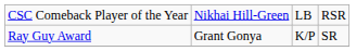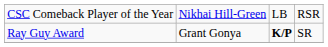 <table class="wikitable">
 <tr>
 <td><a href='#'>CSC</a> Comeback Player of the Year</td>
 <td><a href='#'>Nikhai Hill-Green</a></td>
 <td>LB</td>
 <td>RSR</td>
 </tr>
 <tr>
 <td><a href='#'>Ray Guy Award</a></td>
 <td>Grant Gonya</td>
-<td>K/P</td>
+<td><strong>K/P</strong></td>
 <td>SR</td>
 </tr>
 <tr>
 </tr>
 </table>
